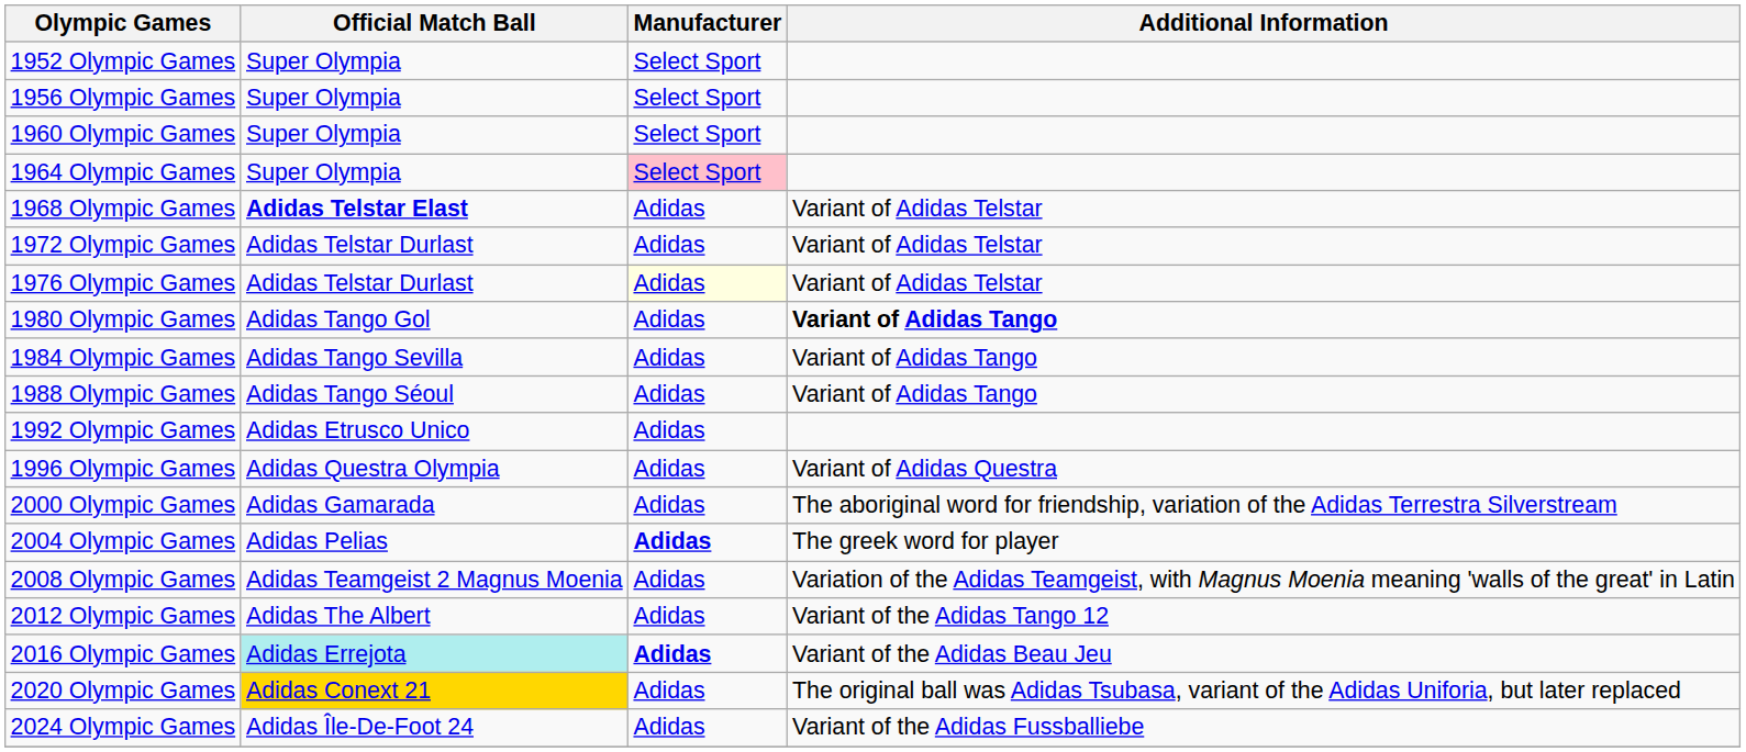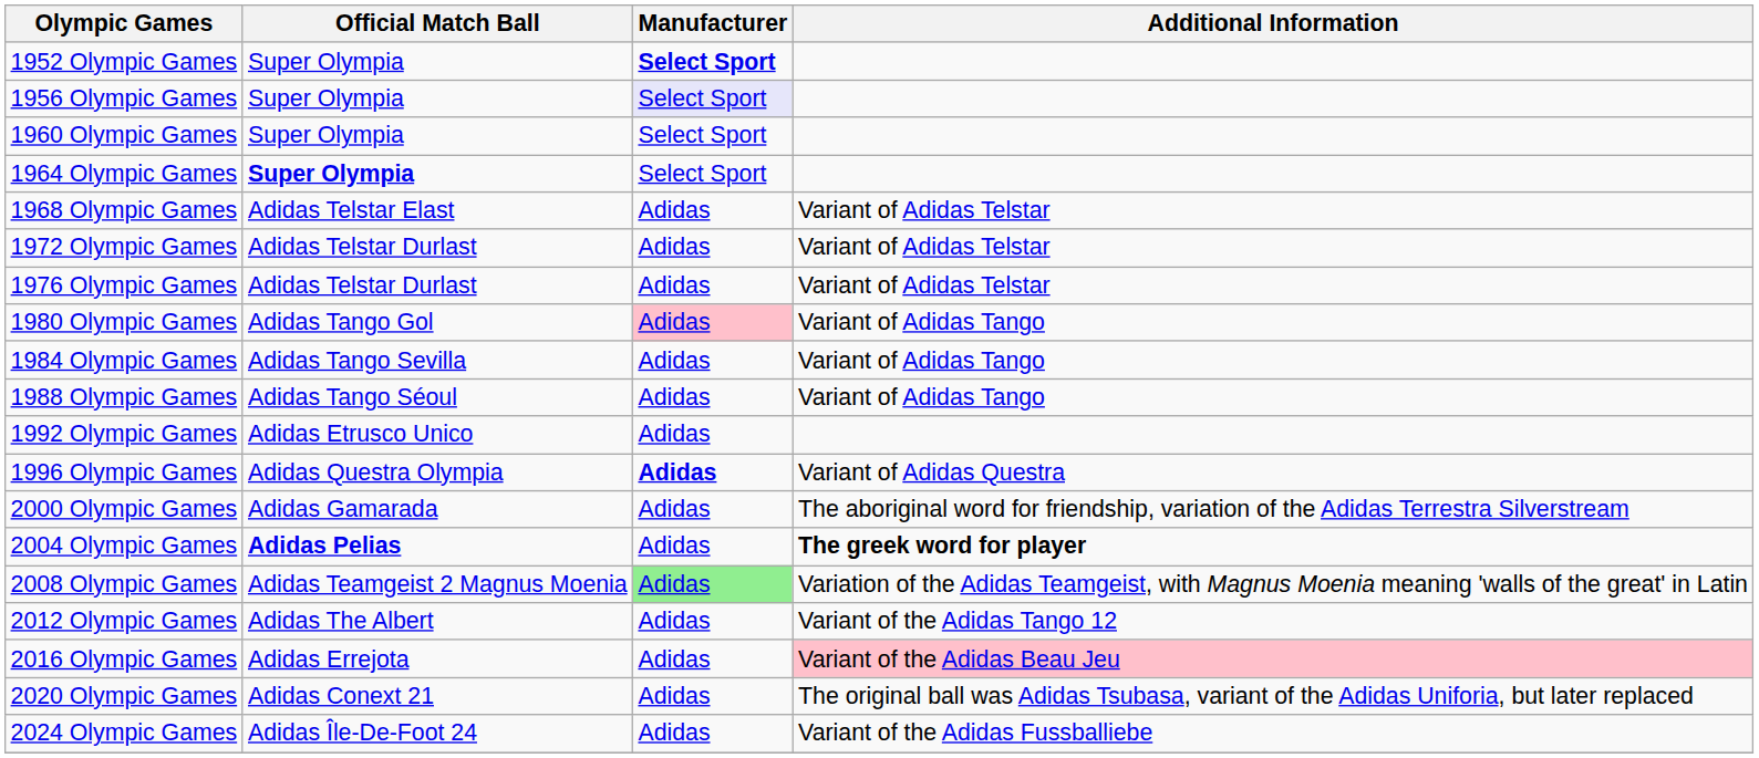 <table class="wikitable" style="vertical-align:top;">
 <tr>
 <th>Olympic Games</th>
 <th>Official Match Ball</th>
 <th>Manufacturer</th>
 <th>Additional Information</th>
 </tr>
 <tr>
 <td><a href='#'>1952 Olympic Games</a></td>
 <td><a href='#'>Super Olympia</a></td>
-<td><a href='#'>Select Sport</a></td>
+<td><strong><a href='#'>Select Sport</a></strong></td>
 <td></td>
 </tr>
 <tr>
 <td><a href='#'>1956 Olympic Games</a></td>
 <td><a href='#'>Super Olympia</a></td>
-<td><a href='#'>Select Sport</a></td>
+<td style="background: lavender;"><a href='#'>Select Sport</a></td>
 <td></td>
 </tr>
 <tr>
 <td><a href='#'>1960 Olympic Games</a></td>
 <td><a href='#'>Super Olympia</a></td>
 <td><a href='#'>Select Sport</a></td>
 <td></td>
 </tr>
 <tr>
 <td><a href='#'>1964 Olympic Games</a></td>
-<td><a href='#'>Super Olympia</a></td>
-<td style="background: pink;"><a href='#'>Select Sport</a></td>
+<td><strong><a href='#'>Super Olympia</a></strong></td>
+<td><a href='#'>Select Sport</a></td>
 <td></td>
 </tr>
 <tr>
 <td><a href='#'>1968 Olympic Games</a></td>
-<td><strong><a href='#'>Adidas Telstar Elast</a></strong></td>
+<td><a href='#'>Adidas Telstar Elast</a></td>
 <td><a href='#'>Adidas</a></td>
 <td>Variant of <a href='#'>Adidas Telstar</a></td>
 </tr>
 <tr>
 <td><a href='#'>1972 Olympic Games</a></td>
 <td><a href='#'>Adidas Telstar Durlast</a></td>
 <td><a href='#'>Adidas</a></td>
 <td>Variant of <a href='#'>Adidas Telstar</a></td>
 </tr>
 <tr>
 <td><a href='#'>1976 Olympic Games</a></td>
 <td><a href='#'>Adidas Telstar Durlast</a></td>
-<td style="background: lightyellow;"><a href='#'>Adidas</a></td>
+<td><a href='#'>Adidas</a></td>
 <td>Variant of <a href='#'>Adidas Telstar</a></td>
 </tr>
 <tr>
 <td><a href='#'>1980 Olympic Games</a></td>
 <td><a href='#'>Adidas Tango Gol</a></td>
-<td><a href='#'>Adidas</a></td>
-<td><strong>Variant of <a href='#'>Adidas Tango</a></strong></td>
+<td style="background: pink;"><a href='#'>Adidas</a></td>
+<td>Variant of <a href='#'>Adidas Tango</a></td>
 </tr>
 <tr>
 <td><a href='#'>1984 Olympic Games</a></td>
 <td><a href='#'>Adidas Tango Sevilla</a></td>
 <td><a href='#'>Adidas</a></td>
 <td>Variant of <a href='#'>Adidas Tango</a></td>
 </tr>
 <tr>
 <td><a href='#'>1988 Olympic Games</a></td>
 <td><a href='#'>Adidas Tango Séoul</a></td>
 <td><a href='#'>Adidas</a></td>
 <td>Variant of <a href='#'>Adidas Tango</a></td>
 </tr>
 <tr>
 <td><a href='#'>1992 Olympic Games</a></td>
 <td><a href='#'>Adidas Etrusco Unico</a></td>
 <td><a href='#'>Adidas</a></td>
 <td></td>
 </tr>
 <tr>
 <td><a href='#'>1996 Olympic Games</a></td>
 <td><a href='#'>Adidas Questra Olympia</a></td>
-<td><a href='#'>Adidas</a></td>
+<td><strong><a href='#'>Adidas</a></strong></td>
 <td>Variant of <a href='#'>Adidas Questra</a></td>
 </tr>
 <tr>
 <td><a href='#'>2000 Olympic Games</a></td>
 <td><a href='#'>Adidas Gamarada</a></td>
 <td><a href='#'>Adidas</a></td>
 <td>The aboriginal word for friendship, variation of the <a href='#'>Adidas Terrestra Silverstream</a></td>
 </tr>
 <tr>
 <td><a href='#'>2004 Olympic Games</a></td>
-<td><a href='#'>Adidas Pelias</a></td>
-<td><strong><a href='#'>Adidas</a></strong></td>
-<td>The greek word for player</td>
+<td><strong><a href='#'>Adidas Pelias</a></strong></td>
+<td><a href='#'>Adidas</a></td>
+<td><strong>The greek word for player</strong></td>
 </tr>
 <tr>
 <td><a href='#'>2008 Olympic Games</a></td>
 <td><a href='#'>Adidas Teamgeist 2 Magnus Moenia</a></td>
-<td><a href='#'>Adidas</a></td>
+<td style="background: lightgreen;"><a href='#'>Adidas</a></td>
 <td>Variation of the <a href='#'>Adidas Teamgeist</a>, with <em>Magnus Moenia</em> meaning 'walls of the great' in Latin</td>
 </tr>
 <tr>
 <td><a href='#'>2012 Olympic Games</a></td>
 <td><a href='#'>Adidas The Albert</a></td>
 <td><a href='#'>Adidas</a></td>
 <td>Variant of the <a href='#'>Adidas Tango 12</a></td>
 </tr>
 <tr>
 <td><a href='#'>2016 Olympic Games</a></td>
-<td style="background: paleturquoise;"><a href='#'>Adidas Errejota</a></td>
-<td><strong><a href='#'>Adidas</a></strong></td>
-<td>Variant of the <a href='#'>Adidas Beau Jeu</a></td>
+<td><a href='#'>Adidas Errejota</a></td>
+<td><a href='#'>Adidas</a></td>
+<td style="background: pink;">Variant of the <a href='#'>Adidas Beau Jeu</a></td>
 </tr>
 <tr>
 <td><a href='#'>2020 Olympic Games</a></td>
-<td style="background: gold;"><a href='#'>Adidas Conext 21</a></td>
+<td><a href='#'>Adidas Conext 21</a></td>
 <td><a href='#'>Adidas</a></td>
 <td>The original ball was <a href='#'>Adidas Tsubasa</a>, variant of the <a href='#'>Adidas Uniforia</a>, but later replaced</td>
 </tr>
 <tr>
 <td><a href='#'>2024 Olympic Games</a></td>
 <td><a href='#'>Adidas Île-De-Foot 24</a></td>
 <td><a href='#'>Adidas</a></td>
 <td>Variant of the <a href='#'>Adidas Fussballiebe</a></td>
 </tr>
 <tr>
 </tr>
 </table>
